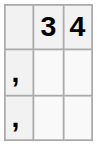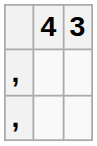 <table class="wikitable">
 <tr ---- valign="center">
 <th></th>
+<th>4</th>
 <th>3</th>
-<th>4</th>
 </tr>
 <tr ---- valign="center"  align="center">
 <th>, </th>
 <td></td>
 <td></td>
 </tr>
 <tr ---- valign="center"  align="center">
 <th>, </th>
 <td></td>
 <td></td>
 </tr>
 </table>
